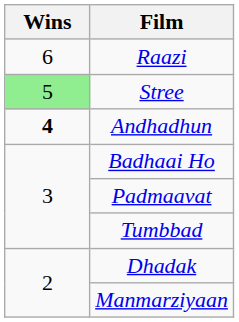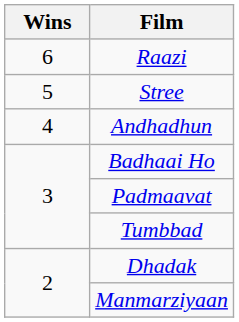 <table class="wikitable plainrowheaders" rowspan=2 style="text-align: center;">
 <tr>
 <th scope="col" style="width:55px;">Wins</th>
 <th scope="col" style="text-align:center;">Film</th>
 </tr>
 <tr>
 <td scope=row style="text-align:center">6</td>
 <td><em><a href='#'>Raazi</a></em></td>
 </tr>
 <tr>
-<td scope=row style="background: lightgreen; text-align:center">5</td>
+<td scope=row style="text-align:center">5</td>
 <td><em><a href='#'>Stree</a></em></td>
 </tr>
 <tr>
-<td scope=row style="text-align:center"><strong>4</strong></td>
+<td scope=row style="text-align:center">4</td>
 <td><em><a href='#'>Andhadhun</a></em></td>
 </tr>
 <tr>
 <td scope=row rowspan=3 style="text-align:center;">3</td>
 <td><em><a href='#'>Badhaai Ho</a></em></td>
 </tr>
 <tr>
 <td><em><a href='#'>Padmaavat</a></em></td>
 </tr>
 <tr>
 <td><em><a href='#'>Tumbbad</a></em></td>
 </tr>
 <tr>
 <td scope=row rowspan=2 style="text-align:center;">2</td>
 <td><em><a href='#'>Dhadak</a></em></td>
 </tr>
 <tr>
 <td><em><a href='#'>Manmarziyaan</a></em></td>
 </tr>
 </table>
